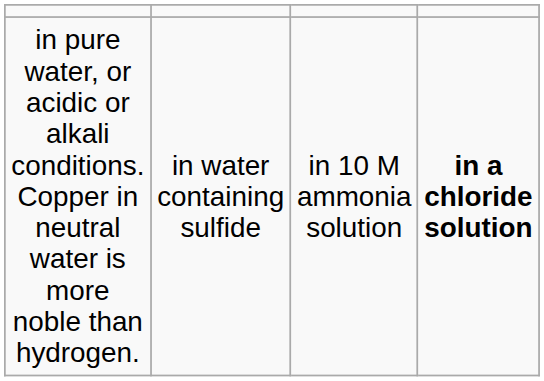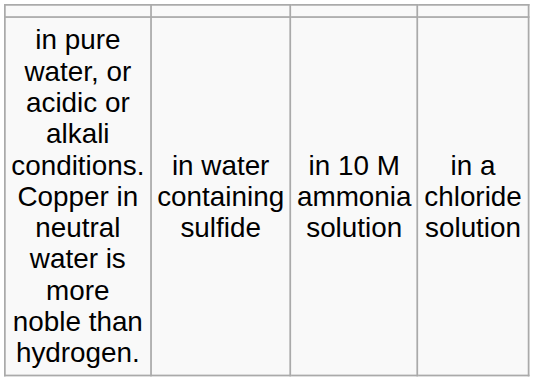 <table Class = "wikitable" style = "text-align: center">
 <tr>
 <td style="width:25px;"></td>
 <td style="width:25px;"></td>
 <td style="width:25px;"></td>
 <td style="width:25px;"></td>
 </tr>
 <tr>
 <td>in pure water, or acidic or alkali conditions. Copper in neutral water is more noble than hydrogen.</td>
 <td>in water containing sulfide</td>
 <td>in 10 M ammonia solution</td>
-<td><strong>in a chloride solution</strong></td>
+<td>in a chloride solution</td>
 </tr>
 </table>
